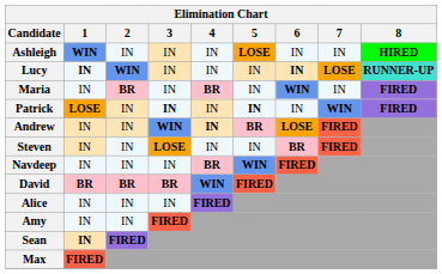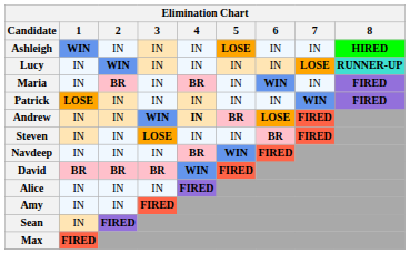 <table class="wikitable" style="text-align:center">
 <tr>
 <th colspan="14">Elimination Chart</th>
 </tr>
 <tr>
 <th>Candidate</th>
 <th>1</th>
 <th>2</th>
 <th>3</th>
 <th>4</th>
 <th>5</th>
 <th>6</th>
 <th>7</th>
 <th>8</th>
 </tr>
 <tr>
 <th>Ashleigh</th>
 <td bgcolor="cornflowerblue"><strong>WIN</strong></td>
 <td bgcolor="#F0F8FF">IN</td>
 <td bgcolor="FFE5B4">IN</td>
 <td bgcolor="#F0F8FF">IN</td>
 <td bgcolor="orange"><strong>LOSE</strong></td>
 <td bgcolor="#F0F8FF">IN</td>
 <td bgcolor="#F0F8FF">IN</td>
 <td bgcolor="lime"><strong>HIRED</strong></td>
 </tr>
 <tr>
 <th>Lucy</th>
-<td bgcolor="#F0F8FF"><strong>IN</strong></td>
+<td bgcolor="#F0F8FF">IN</td>
 <td bgcolor="cornflowerblue"><strong>WIN</strong></td>
 <td bgcolor="FFE5B4">IN</td>
 <td bgcolor="#F0F8FF">IN</td>
 <td bgcolor="FFE5B4">IN</td>
-<td bgcolor="FFE5B4"><strong>IN</strong></td>
+<td bgcolor="FFE5B4">IN</td>
 <td bgcolor="orange"><strong>LOSE</strong></td>
 <td bgcolor="turquoise"><strong>RUNNER-UP</strong></td>
 </tr>
 <tr>
 <th>Maria</th>
 <td bgcolor="#F0F8FF">IN</td>
 <td bgcolor="pink"><strong>BR</strong></td>
 <td bgcolor="#F0F8FF">IN</td>
 <td bgcolor="pink"><strong>BR</strong></td>
 <td bgcolor="#F0F8FF">IN</td>
 <td bgcolor="cornflowerblue"><strong>WIN</strong></td>
 <td bgcolor="#F0F8FF">IN</td>
 <td bgcolor="#9370DB"><strong>FIRED</strong></td>
 </tr>
 <tr>
 <th>Patrick</th>
 <td bgcolor="orange"><strong>LOSE</strong></td>
 <td bgcolor="#FFE5B4">IN</td>
-<td bgcolor="#F0F8FF"><strong>IN</strong></td>
+<td bgcolor="#F0F8FF">IN</td>
 <td bgcolor="FFE5B4">IN</td>
-<td bgcolor="#F0F8FF"><strong>IN</strong></td>
+<td bgcolor="#F0F8FF">IN</td>
 <td bgcolor="#F0F8FF">IN</td>
 <td bgcolor="cornflowerblue"><strong>WIN</strong></td>
 <td bgcolor="#9370DB"><strong>FIRED</strong></td>
 </tr>
 <tr>
 <th>Andrew</th>
 <td bgcolor="#FFE5B4">IN</td>
 <td bgcolor="#FFE5B4">IN</td>
 <td bgcolor="cornflowerblue"><strong>WIN</strong></td>
 <td bgcolor="FFE5B4"><strong>IN</strong></td>
 <td bgcolor="pink"><strong>BR</strong></td>
 <td bgcolor="orange"><strong>LOSE</strong></td>
 <td bgcolor="tomato"><strong>FIRED</strong></td>
 <td colspan="1" bgcolor="darkgrey"></td>
 </tr>
 <tr>
 <th>Steven</th>
 <td bgcolor="FFE5B4">IN</td>
 <td bgcolor="#F0F8FF">IN</td>
 <td bgcolor="orange"><strong>LOSE</strong></td>
 <td bgcolor="#F0F8FF">IN</td>
 <td bgcolor="#F0F8FF">IN</td>
 <td bgcolor="pink"><strong>BR</strong></td>
 <td bgcolor="tomato"><strong>FIRED</strong></td>
 <td colspan="1" bgcolor="darkgrey"></td>
 </tr>
 <tr>
 <th>Navdeep</th>
 <td bgcolor="#F0F8FF">IN</td>
 <td bgcolor="#F0F8FF">IN</td>
 <td bgcolor="#F0F8FF">IN</td>
 <td bgcolor="pink"><strong>BR</strong></td>
 <td bgcolor="cornflowerblue"><strong>WIN</strong></td>
 <td bgcolor="tomato"><strong>FIRED</strong></td>
 <td colspan="2" bgcolor="darkgrey"></td>
 </tr>
 <tr>
 <th>David</th>
 <td bgcolor="pink"><strong>BR</strong></td>
 <td bgcolor="pink"><strong>BR</strong></td>
 <td bgcolor="pink"><strong>BR</strong></td>
 <td bgcolor="cornflowerblue"><strong>WIN</strong></td>
 <td bgcolor="tomato"><strong>FIRED</strong></td>
 <td colspan="3" bgcolor="darkgrey"></td>
 </tr>
 <tr>
 <th>Alice</th>
 <td bgcolor="#F0F8FF">IN</td>
 <td bgcolor="#F0F8FF">IN</td>
 <td bgcolor="#F0F8FF">IN</td>
 <td bgcolor="#9370DB"><strong>FIRED</strong></td>
 <td colspan="4" bgcolor="darkgrey"></td>
 </tr>
 <tr>
 <th>Amy</th>
 <td bgcolor="#F0F8FF">IN</td>
 <td bgcolor="#F0F8FF">IN</td>
 <td bgcolor="tomato"><strong>FIRED</strong></td>
 <td colspan="5" bgcolor="darkgrey"></td>
 </tr>
 <tr>
 <th>Sean</th>
-<td bgcolor="#FFE5B4"><strong>IN</strong></td>
+<td bgcolor="#FFE5B4">IN</td>
 <td bgcolor="#9370DB"><strong>FIRED</strong></td>
 <td colspan="6" bgcolor="darkgrey"></td>
 </tr>
 <tr>
 <th>Max</th>
 <td bgcolor="tomato"><strong>FIRED</strong></td>
 <td colspan="7" bgcolor="darkgrey"></td>
 </tr>
 <tr>
 </tr>
 </table>
